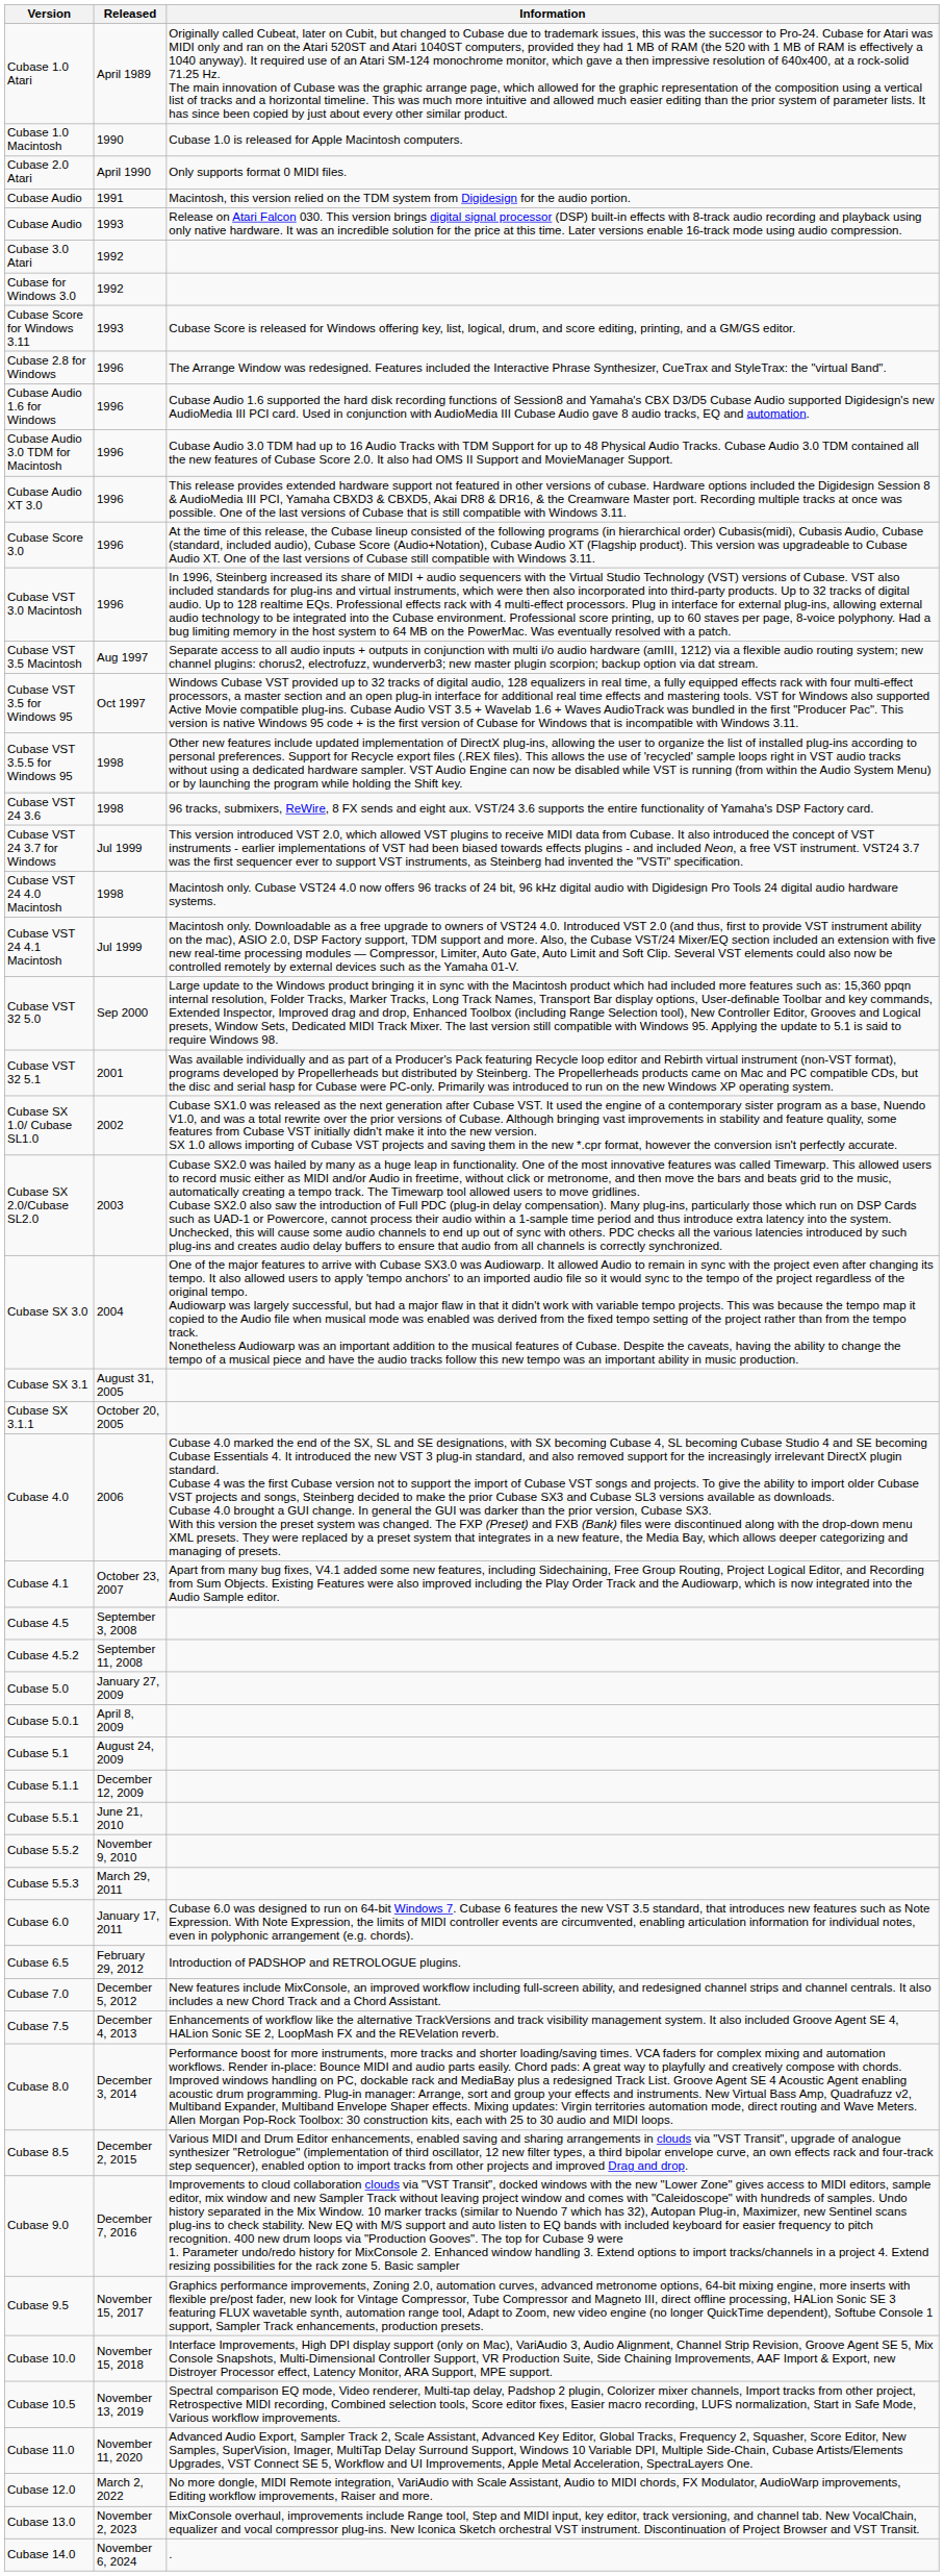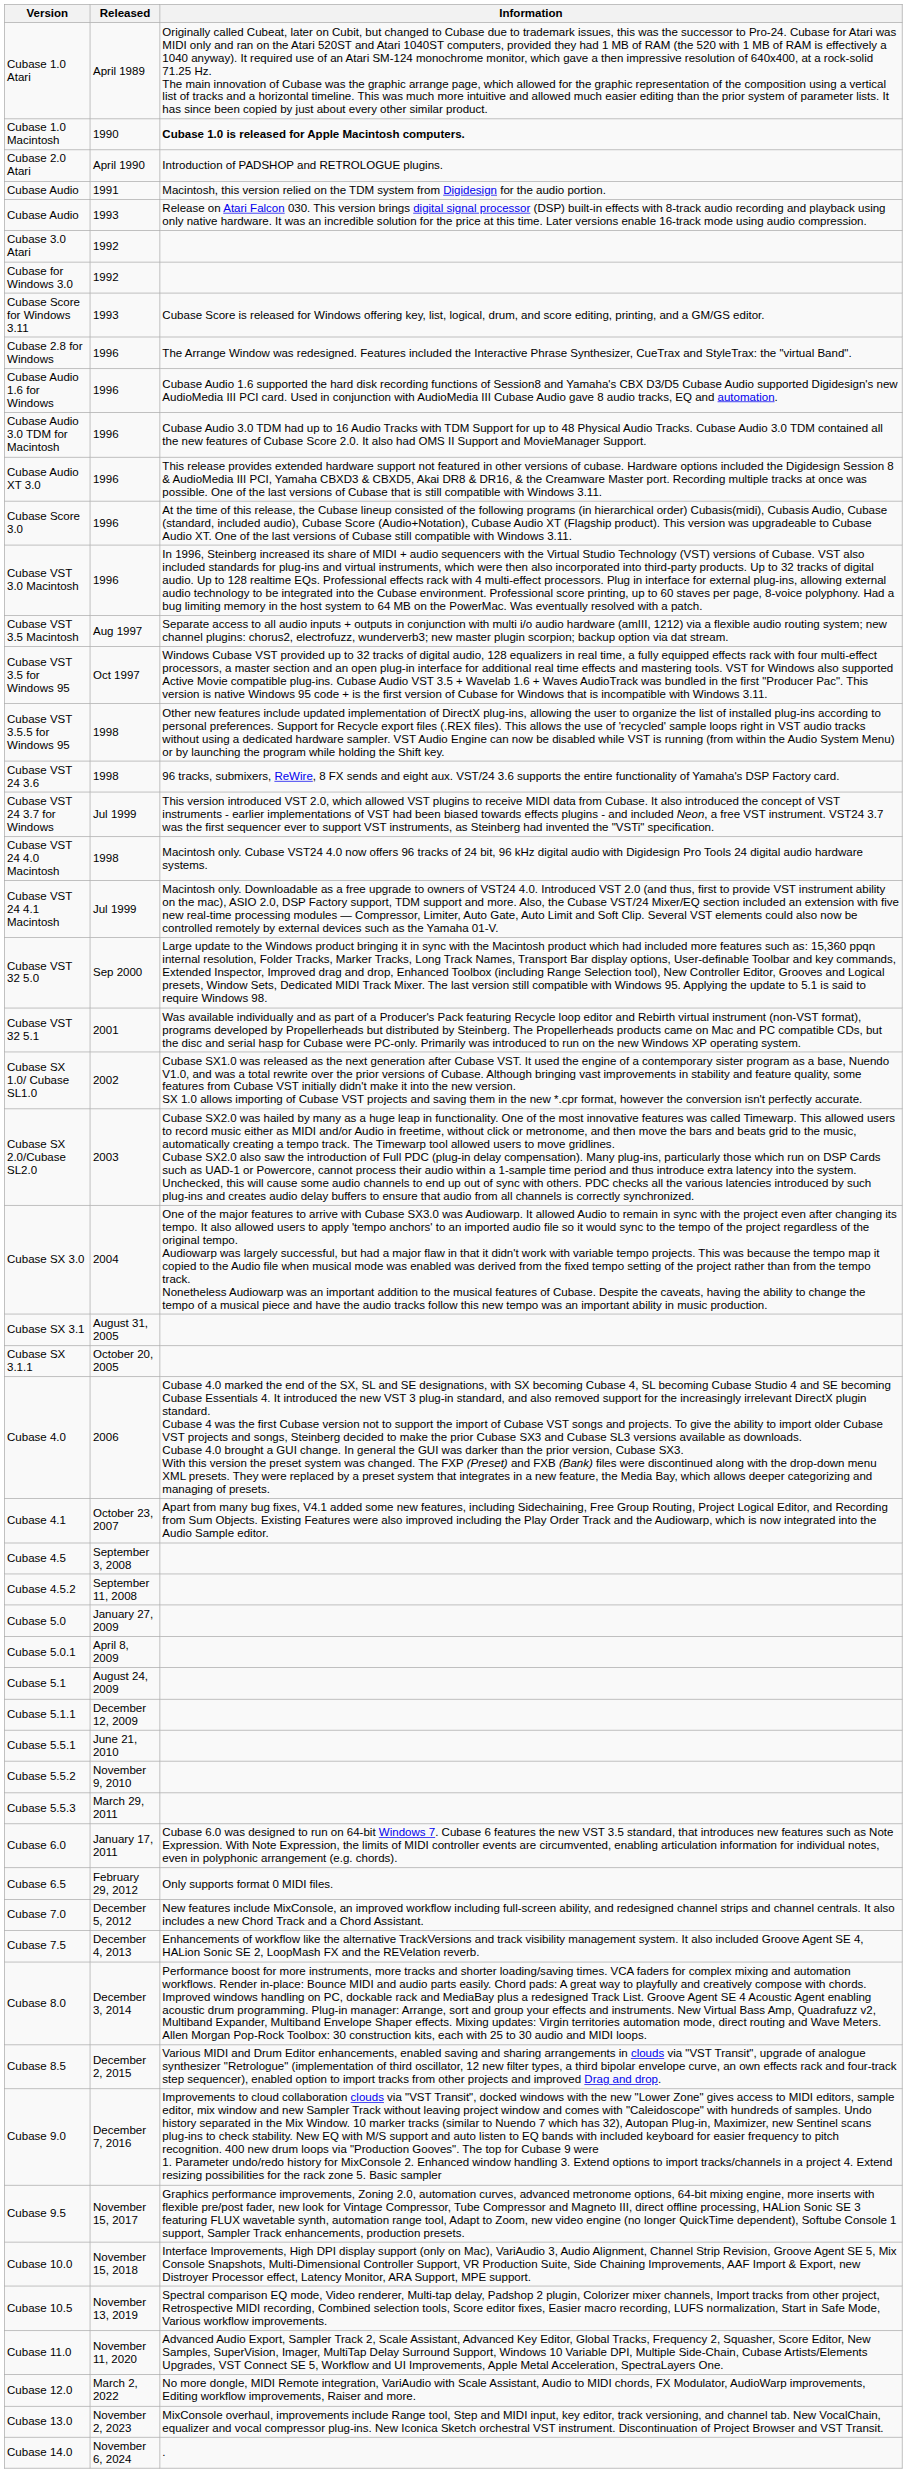 <table class="wikitable">
 <tr>
 <th>Version</th>
 <th>Released</th>
 <th>Information</th>
 </tr>
 <tr>
 <td>Cubase 1.0 Atari</td>
 <td>April 1989</td>
 <td>Originally called Cubeat, later on Cubit, but changed to Cubase due to trademark issues, this was the successor to Pro-24. Cubase for Atari was MIDI only and ran on the Atari 520ST and Atari 1040ST computers, provided they had 1 MB of RAM (the 520 with 1 MB of RAM is effectively a 1040 anyway). It required use of an Atari SM-124 monochrome monitor, which gave a then impressive resolution of 640x400, at a rock-solid 71.25 Hz.<br>The main innovation of Cubase was the graphic arrange page, which allowed for the graphic representation of the composition using a vertical list of tracks and a horizontal timeline. This was much more intuitive and allowed much easier editing than the prior system of parameter lists. It has since been copied by just about every other similar product.</td>
 </tr>
 <tr>
 <td>Cubase 1.0 Macintosh</td>
 <td>1990</td>
-<td>Cubase 1.0 is released for Apple Macintosh computers.</td>
+<td><strong>Cubase 1.0 is released for Apple Macintosh computers.</strong></td>
 </tr>
 <tr>
 <td>Cubase 2.0 Atari</td>
 <td>April 1990</td>
-<td>Only supports format 0 MIDI files.</td>
+<td>Introduction of PADSHOP and RETROLOGUE plugins.</td>
 </tr>
 <tr>
 <td>Cubase Audio</td>
 <td>1991</td>
 <td>Macintosh, this version relied on the TDM system from <a href='#'>Digidesign</a> for the audio portion.</td>
 </tr>
 <tr>
 <td>Cubase Audio</td>
 <td>1993</td>
 <td>Release on <a href='#'>Atari Falcon</a> 030. This version brings <a href='#'>digital signal processor</a> (DSP) built-in effects with 8-track audio recording and playback using only native hardware. It was an incredible solution for the price at this time. Later versions enable 16-track mode using audio compression.</td>
 </tr>
 <tr>
 <td>Cubase 3.0 Atari</td>
 <td>1992</td>
 <td></td>
 </tr>
 <tr>
 <td>Cubase for Windows 3.0</td>
 <td>1992</td>
 <td></td>
 </tr>
 <tr>
 <td>Cubase Score for Windows 3.11</td>
 <td>1993</td>
 <td>Cubase Score is released for Windows offering key, list, logical, drum, and score editing, printing, and a GM/GS editor.</td>
 </tr>
 <tr>
 <td>Cubase 2.8 for Windows</td>
 <td>1996</td>
 <td>The Arrange Window was redesigned. Features included the Interactive Phrase Synthesizer, CueTrax and StyleTrax: the "virtual Band".</td>
 </tr>
 <tr rock-solid>
 <td>Cubase Audio 1.6 for Windows</td>
 <td>1996</td>
 <td>Cubase Audio 1.6 supported the hard disk recording functions of Session8 and Yamaha's CBX D3/D5 Cubase Audio supported Digidesign's new AudioMedia III PCI card. Used in conjunction with AudioMedia III Cubase Audio gave 8 audio tracks, EQ and <a href='#'>automation</a>.</td>
 </tr>
 <tr>
 <td>Cubase Audio 3.0 TDM for Macintosh</td>
 <td>1996</td>
 <td>Cubase Audio 3.0 TDM had up to 16 Audio Tracks with TDM Support for up to 48 Physical Audio Tracks. Cubase Audio 3.0 TDM contained all the new features of Cubase Score 2.0. It also had OMS II Support and MovieManager Support.</td>
 </tr>
 <tr>
 <td>Cubase Audio XT 3.0</td>
 <td>1996</td>
 <td>This release provides extended hardware support not featured in other versions of cubase. Hardware options included the Digidesign Session 8 & AudioMedia III PCI, Yamaha CBXD3 & CBXD5, Akai DR8 & DR16, & the Creamware Master port. Recording multiple tracks at once was possible. One of the last versions of Cubase that is still compatible with Windows 3.11.</td>
 </tr>
 <tr>
 <td>Cubase Score 3.0</td>
 <td>1996</td>
 <td>At the time of this release, the Cubase lineup consisted of the following programs (in hierarchical order) Cubasis(midi), Cubasis Audio, Cubase (standard, included audio), Cubase Score (Audio+Notation), Cubase Audio XT (Flagship product). This version was upgradeable to Cubase Audio XT. One of the last versions of Cubase still compatible with Windows 3.11.</td>
 </tr>
 <tr>
 <td>Cubase VST 3.0 Macintosh</td>
 <td>1996</td>
 <td>In 1996, Steinberg increased its share of MIDI + audio sequencers with the Virtual Studio Technology (VST) versions of Cubase. VST also included standards for plug-ins and virtual instruments, which were then also incorporated into third-party products. Up to 32 tracks of digital audio. Up to 128 realtime EQs. Professional effects rack with 4 multi-effect processors. Plug in interface for external plug-ins, allowing external audio technology to be integrated into the Cubase environment. Professional score printing, up to 60 staves per page, 8-voice polyphony. Had a bug limiting memory in the host system to 64 MB on the PowerMac. Was eventually resolved with a patch.</td>
 </tr>
 <tr>
 <td>Cubase VST 3.5 Macintosh</td>
 <td>Aug 1997</td>
 <td>Separate access to all audio inputs + outputs in conjunction with multi i/o audio hardware (amIII, 1212) via a flexible audio routing system; new channel plugins: chorus2, electrofuzz, wunderverb3; new master plugin scorpion; backup option via dat stream.</td>
 </tr>
 <tr>
 <td>Cubase VST 3.5 for Windows 95</td>
 <td>Oct 1997</td>
 <td>Windows Cubase VST provided up to 32 tracks of digital audio, 128 equalizers in real time, a fully equipped effects rack with four multi-effect processors, a master section and an open plug-in interface for additional real time effects and mastering tools. VST for Windows also supported Active Movie compatible plug-ins. Cubase Audio VST 3.5 + Wavelab 1.6 + Waves AudioTrack was bundled in the first "Producer Pac". This version is native Windows 95 code + is the first version of Cubase for Windows that is incompatible with Windows 3.11.</td>
 </tr>
 <tr>
 <td>Cubase VST 3.5.5 for Windows 95</td>
 <td>1998</td>
 <td>Other new features include updated implementation of DirectX plug-ins, allowing the user to organize the list of installed plug-ins according to personal preferences. Support for Recycle export files (.REX files). This allows the use of 'recycled' sample loops right in VST audio tracks without using a dedicated hardware sampler. VST Audio Engine can now be disabled while VST is running (from within the Audio System Menu) or by launching the program while holding the Shift key.</td>
 </tr>
 <tr>
 <td>Cubase VST 24 3.6</td>
 <td>1998</td>
 <td>96 tracks, submixers, <a href='#'>ReWire</a>, 8 FX sends and eight aux. VST/24 3.6 supports the entire functionality of Yamaha's DSP Factory card.</td>
 </tr>
 <tr>
 <td>Cubase VST 24 3.7 for Windows</td>
 <td>Jul 1999</td>
 <td>This version introduced VST 2.0, which allowed VST plugins to receive MIDI data from Cubase. It also introduced the concept of VST instruments - earlier implementations of VST had been biased towards effects plugins - and included <em>Neon</em>, a free VST instrument. VST24 3.7 was the first sequencer ever to support VST instruments, as Steinberg had invented the "VSTi" specification.</td>
 </tr>
 <tr>
 <td>Cubase VST 24 4.0 Macintosh</td>
 <td>1998</td>
 <td>Macintosh only. Cubase VST24 4.0 now offers 96 tracks of 24 bit, 96 kHz digital audio with Digidesign Pro Tools 24 digital audio hardware systems.</td>
 </tr>
 <tr>
 <td>Cubase VST 24 4.1 Macintosh</td>
 <td>Jul 1999</td>
 <td>Macintosh only. Downloadable as a free upgrade to owners of VST24 4.0. Introduced VST 2.0 (and thus, first to provide VST instrument ability on the mac), ASIO 2.0, DSP Factory support, TDM support and more. Also, the Cubase VST/24 Mixer/EQ section included an extension with five new real-time processing modules — Compressor, Limiter, Auto Gate, Auto Limit and Soft Clip. Several VST elements could also now be controlled remotely by external devices such as the Yamaha 01-V.</td>
 </tr>
 <tr>
 <td>Cubase VST 32 5.0</td>
 <td>Sep 2000</td>
 <td>Large update to the Windows product bringing it in sync with the Macintosh product which had included more features such as: 15,360 ppqn internal resolution, Folder Tracks, Marker Tracks, Long Track Names, Transport Bar display options, User-definable Toolbar and key commands, Extended Inspector, Improved drag and drop, Enhanced Toolbox (including Range Selection tool), New Controller Editor, Grooves and Logical presets, Window Sets, Dedicated MIDI Track Mixer. The last version still compatible with Windows 95. Applying the update to 5.1 is said to require Windows 98.</td>
 </tr>
 <tr>
 <td>Cubase VST 32 5.1</td>
 <td>2001</td>
 <td>Was available individually and as part of a Producer's Pack featuring Recycle loop editor and Rebirth virtual instrument (non-VST format), programs developed by Propellerheads but distributed by Steinberg. The Propellerheads products came on Mac and PC compatible CDs, but the disc and serial hasp for Cubase were PC-only. Primarily was introduced to run on the new Windows XP operating system.</td>
 </tr>
 <tr>
 <td>Cubase SX 1.0/ Cubase SL1.0</td>
 <td>2002</td>
 <td>Cubase SX1.0 was released as the next generation after Cubase VST. It used the engine of a contemporary sister program as a base, Nuendo V1.0, and was a total rewrite over the prior versions of Cubase. Although bringing vast improvements in stability and feature quality, some features from Cubase VST initially didn't make it into the new version.<br>SX 1.0 allows importing of Cubase VST projects and saving them in the new *.cpr format, however the conversion isn't perfectly accurate.</td>
 </tr>
 <tr>
 <td>Cubase SX 2.0/Cubase SL2.0</td>
 <td>2003</td>
 <td>Cubase SX2.0 was hailed by many as a huge leap in functionality. One of the most innovative features was called Timewarp. This allowed users to record music either as MIDI and/or Audio in freetime, without click or metronome, and then move the bars and beats grid to the music, automatically creating a tempo track. The Timewarp tool allowed users to move gridlines.<br>Cubase SX2.0 also saw the introduction of Full PDC (plug-in delay compensation). Many plug-ins, particularly those which run on DSP Cards such as UAD-1 or Powercore, cannot process their audio within a 1-sample time period and thus introduce extra latency into the system. Unchecked, this will cause some audio channels to end up out of sync with others. PDC checks all the various latencies introduced by such plug-ins and creates audio delay buffers to ensure that audio from all channels is correctly synchronized.</td>
 </tr>
 <tr>
 <td>Cubase SX 3.0</td>
 <td>2004</td>
 <td>One of the major features to arrive with Cubase SX3.0 was Audiowarp. It allowed Audio to remain in sync with the project even after changing its tempo. It also allowed users to apply 'tempo anchors' to an imported audio file so it would sync to the tempo of the project regardless of the original tempo.<br>Audiowarp was largely successful, but had a major flaw in that it didn't work with variable tempo projects. This was because the tempo map it copied to the Audio file when musical mode was enabled was derived from the fixed tempo setting of the project rather than from the tempo track.<br>Nonetheless Audiowarp was an important addition to the musical features of Cubase. Despite the caveats, having the ability to change the tempo of a musical piece and have the audio tracks follow this new tempo was an important ability in music production.</td>
 </tr>
 <tr>
 <td>Cubase SX 3.1</td>
 <td>August 31, 2005</td>
 <td></td>
 </tr>
 <tr>
 <td>Cubase SX 3.1.1</td>
 <td>October 20, 2005</td>
 <td></td>
 </tr>
 <tr>
 <td>Cubase 4.0</td>
 <td>2006</td>
 <td>Cubase 4.0 marked the end of the SX, SL and SE designations, with SX becoming Cubase 4, SL becoming Cubase Studio 4 and SE becoming Cubase Essentials 4. It introduced the new VST 3 plug-in standard, and also removed support for the increasingly irrelevant DirectX plugin standard.<br>Cubase 4 was the first Cubase version not to support the import of Cubase VST songs and projects. To give the ability to import older Cubase VST projects and songs, Steinberg decided to make the prior Cubase SX3 and Cubase SL3 versions available as downloads.<br>Cubase 4.0 brought a GUI change. In general the GUI was darker than the prior version, Cubase SX3.<br>With this version the preset system was changed. The FXP <em>(Preset)</em> and FXB <em>(Bank)</em> files were discontinued along with the drop-down menu XML presets. They were replaced by a preset system that integrates in a new feature, the Media Bay, which allows deeper categorizing and managing of presets.</td>
 </tr>
 <tr>
 <td>Cubase 4.1</td>
 <td>October 23, 2007</td>
 <td>Apart from many bug fixes, V4.1 added some new features, including Sidechaining, Free Group Routing, Project Logical Editor, and Recording from Sum Objects. Existing Features were also improved including the Play Order Track and the Audiowarp, which is now integrated into the Audio Sample editor.</td>
 </tr>
 <tr>
 <td>Cubase 4.5</td>
 <td>September 3, 2008</td>
 <td></td>
 </tr>
 <tr>
 <td>Cubase 4.5.2</td>
 <td>September 11, 2008</td>
 <td></td>
 </tr>
 <tr>
 <td>Cubase 5.0</td>
 <td>January 27, 2009</td>
 <td></td>
 </tr>
 <tr>
 <td>Cubase 5.0.1</td>
 <td>April 8, 2009</td>
 <td></td>
 </tr>
 <tr>
 <td>Cubase 5.1</td>
 <td>August 24, 2009</td>
 <td></td>
 </tr>
 <tr>
 <td>Cubase 5.1.1</td>
 <td>December 12, 2009</td>
 <td></td>
 </tr>
 <tr>
 <td>Cubase 5.5.1</td>
 <td>June 21, 2010</td>
 <td></td>
 </tr>
 <tr>
 <td>Cubase 5.5.2</td>
 <td>November 9, 2010</td>
 <td></td>
 </tr>
 <tr>
 <td>Cubase 5.5.3</td>
 <td>March 29, 2011</td>
 <td></td>
 </tr>
 <tr>
 <td>Cubase 6.0</td>
 <td>January 17, 2011</td>
 <td>Cubase 6.0 was designed to run on 64-bit <a href='#'>Windows 7</a>. Cubase 6 features the new VST 3.5 standard, that introduces new features such as Note Expression. With Note Expression, the limits of MIDI controller events are circumvented, enabling articulation information for individual notes, even in polyphonic arrangement (e.g. chords).</td>
 </tr>
 <tr>
 <td>Cubase 6.5</td>
 <td>February 29, 2012</td>
-<td>Introduction of PADSHOP and RETROLOGUE plugins.</td>
+<td>Only supports format 0 MIDI files.</td>
 </tr>
 <tr>
 <td>Cubase 7.0</td>
 <td>December 5, 2012</td>
 <td>New features include MixConsole, an improved workflow including full-screen ability, and redesigned channel strips and channel centrals. It also includes a new Chord Track and a Chord Assistant.</td>
 </tr>
 <tr>
 <td>Cubase 7.5</td>
 <td>December 4, 2013</td>
 <td>Enhancements of workflow like the alternative TrackVersions and track visibility management system. It also included Groove Agent SE 4, HALion Sonic SE 2, LoopMash FX and the REVelation reverb.</td>
 </tr>
 <tr>
 <td>Cubase 8.0</td>
 <td>December 3, 2014</td>
 <td>Performance boost for more instruments, more tracks and shorter loading/saving times. VCA faders for complex mixing and automation workflows. Render in-place: Bounce MIDI and audio parts easily. Chord pads: A great way to playfully and creatively compose with chords. Improved windows handling on PC, dockable rack and MediaBay plus a redesigned Track List. Groove Agent SE 4 Acoustic Agent enabling acoustic drum programming. Plug-in manager: Arrange, sort and group your effects and instruments. New Virtual Bass Amp, Quadrafuzz v2, Multiband Expander, Multiband Envelope Shaper effects. Mixing updates: Virgin territories automation mode, direct routing and Wave Meters. Allen Morgan Pop-Rock Toolbox: 30 construction kits, each with 25 to 30 audio and MIDI loops.</td>
 </tr>
 <tr>
 <td>Cubase 8.5</td>
 <td>December 2, 2015</td>
 <td>Various MIDI and Drum Editor enhancements, enabled saving and sharing arrangements in <a href='#'>clouds</a> via "VST Transit", upgrade of analogue synthesizer "Retrologue" (implementation of third oscillator, 12 new filter types, a third bipolar envelope curve, an own effects rack and four-track step sequencer), enabled option to import tracks from other projects and improved <a href='#'>Drag and drop</a>.</td>
 </tr>
 <tr>
 <td>Cubase 9.0</td>
 <td>December 7, 2016</td>
 <td>Improvements to cloud collaboration <a href='#'>clouds</a> via "VST Transit", docked windows with the new "Lower Zone" gives access to MIDI editors, sample editor, mix window and new Sampler Track without leaving project window and comes with "Caleidoscope" with hundreds of samples. Undo history separated in the Mix Window. 10 marker tracks (similar to Nuendo 7 which has 32), Autopan Plug-in, Maximizer, new Sentinel scans plug-ins to check stability. New EQ with M/S support and auto listen to EQ bands with included keyboard for easier frequency to pitch recognition. 400 new drum loops via "Production Gooves". The top  for Cubase 9 were<br>1. Parameter undo/redo history for MixConsole 2. Enhanced window handling 3. Extend options to import tracks/channels in a project 4. Extend resizing possibilities for the rack zone 5. Basic sampler</td>
 </tr>
 <tr>
 <td>Cubase 9.5</td>
 <td>November 15, 2017</td>
 <td>Graphics performance improvements, Zoning 2.0, automation curves, advanced metronome options, 64-bit mixing engine, more inserts with flexible pre/post fader, new look for Vintage Compressor, Tube Compressor and Magneto III, direct offline processing, HALion Sonic SE 3 featuring FLUX wavetable synth, automation range tool, Adapt to Zoom, new video engine (no longer QuickTime dependent), Softube Console 1 support, Sampler Track enhancements, production presets.</td>
 </tr>
 <tr>
 <td>Cubase 10.0</td>
 <td>November 15, 2018</td>
 <td>Interface Improvements, High DPI display support (only on Mac), VariAudio 3, Audio Alignment, Channel Strip Revision, Groove Agent SE 5, Mix Console Snapshots, Multi-Dimensional Controller Support, VR Production Suite, Side Chaining Improvements, AAF Import & Export, new Distroyer Processor effect, Latency Monitor, ARA Support, MPE support.</td>
 </tr>
 <tr>
 <td>Cubase 10.5</td>
 <td>November 13, 2019</td>
 <td>Spectral comparison EQ mode, Video renderer, Multi-tap delay, Padshop 2 plugin, Colorizer mixer channels, Import tracks from other project, Retrospective MIDI recording, Combined selection tools, Score editor fixes, Easier macro recording, LUFS normalization, Start in Safe Mode, Various workflow improvements.</td>
 </tr>
 <tr>
 <td>Cubase 11.0</td>
 <td>November 11, 2020</td>
 <td>Advanced Audio Export, Sampler Track 2, Scale Assistant, Advanced Key Editor, Global Tracks, Frequency 2, Squasher, Score Editor, New Samples, SuperVision, Imager, MultiTap Delay Surround Support, Windows 10 Variable DPI, Multiple Side-Chain, Cubase Artists/Elements Upgrades, VST Connect SE 5, Workflow and UI Improvements, Apple Metal Acceleration, SpectraLayers One.</td>
 </tr>
 <tr>
 <td>Cubase 12.0</td>
 <td>March 2, 2022</td>
 <td>No more dongle, MIDI Remote integration, VariAudio with Scale Assistant, Audio to MIDI chords, FX Modulator, AudioWarp improvements, Editing workflow improvements, Raiser and more.</td>
 </tr>
 <tr>
 <td>Cubase 13.0</td>
 <td>November 2, 2023</td>
 <td>MixConsole overhaul, improvements include Range tool, Step and MIDI input, key editor, track versioning, and channel tab. New VocalChain, equalizer and vocal compressor plug-ins. New Iconica Sketch orchestral VST instrument. Discontinuation of Project Browser and VST Transit.</td>
 </tr>
 <tr>
 <td>Cubase 14.0</td>
 <td>November 6, 2024</td>
 <td>.</td>
 </tr>
 </table>
